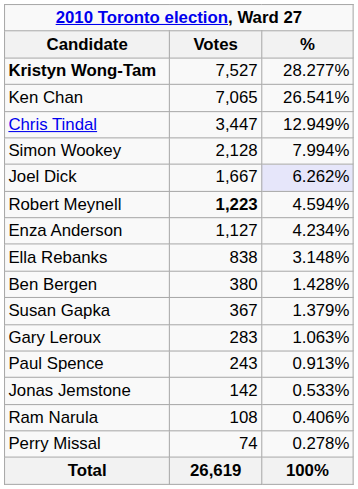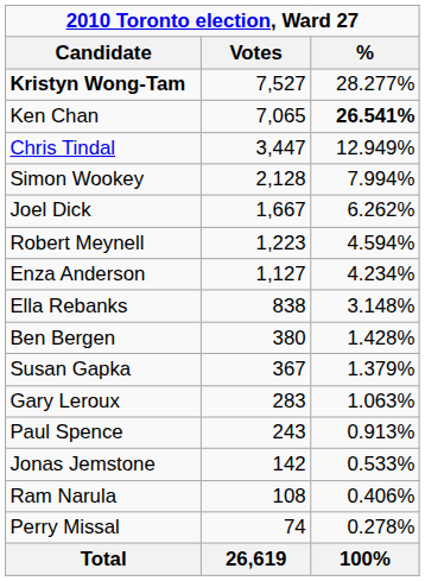 <table class="wikitable">
 <tr>
 <td Colspan="3" align="center"><strong><a href='#'>2010 Toronto election</a>, Ward 27</strong></td>
 </tr>
 <tr>
 <th bgcolor="#DDDDFF" width="150px">Candidate</th>
 <th bgcolor="#DDDDFF" width="80px">Votes</th>
 <th bgcolor="#DDDDFF" width="80px">%</th>
 </tr>
 <tr>
 <td><strong>Kristyn Wong-Tam</strong></td>
 <td align=right>7,527</td>
 <td align=right>28.277%</td>
 </tr>
 <tr>
 <td>Ken Chan</td>
 <td align=right>7,065</td>
-<td align=right>26.541%</td>
+<td align=right><strong>26.541%</strong></td>
 </tr>
 <tr>
 <td><a href='#'>Chris Tindal</a></td>
 <td align=right>3,447</td>
 <td align=right>12.949%</td>
 </tr>
 <tr>
 <td>Simon Wookey</td>
 <td align=right>2,128</td>
 <td align=right>7.994%</td>
 </tr>
 <tr>
 <td>Joel Dick</td>
 <td align=right>1,667</td>
-<td align=right style="background: lavender;">6.262%</td>
+<td align=right>6.262%</td>
 </tr>
 <tr>
 <td>Robert Meynell</td>
-<td align=right><strong>1,223</strong></td>
+<td align=right>1,223</td>
 <td align=right>4.594%</td>
 </tr>
 <tr>
 <td>Enza Anderson</td>
 <td align=right>1,127</td>
 <td align=right>4.234%</td>
 </tr>
 <tr>
 <td>Ella Rebanks</td>
 <td align=right>838</td>
 <td align=right>3.148%</td>
 </tr>
 <tr>
 <td>Ben Bergen</td>
 <td align=right>380</td>
 <td align=right>1.428%</td>
 </tr>
 <tr>
 <td>Susan Gapka</td>
 <td align=right>367</td>
 <td align=right>1.379%</td>
 </tr>
 <tr>
 <td>Gary Leroux</td>
 <td align=right>283</td>
 <td align=right>1.063%</td>
 </tr>
 <tr>
 <td>Paul Spence</td>
 <td align=right>243</td>
 <td align=right>0.913%</td>
 </tr>
 <tr>
 <td>Jonas Jemstone</td>
 <td align=right>142</td>
 <td align=right>0.533%</td>
 </tr>
 <tr>
 <td>Ram Narula</td>
 <td align=right>108</td>
 <td align=right>0.406%</td>
 </tr>
 <tr>
 <td>Perry Missal</td>
 <td align=right>74</td>
 <td align=right>0.278%</td>
 </tr>
 <tr>
 <th>Total</th>
 <th align=right>26,619</th>
 <th align=right>100%</th>
 </tr>
 </table>
